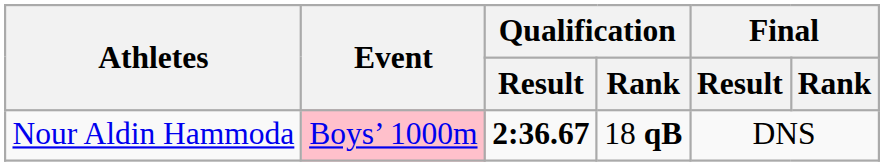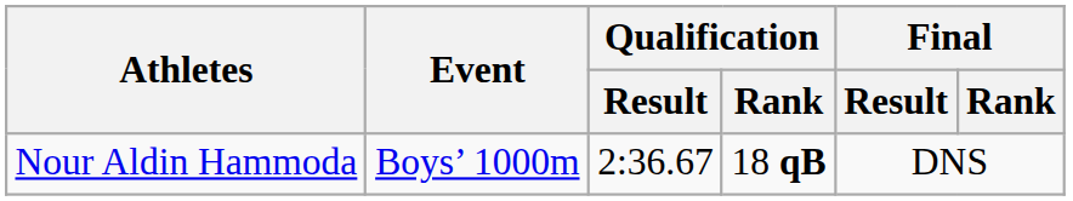 <table class="wikitable" border="1" style="font-size:90%">
 <tr>
 <th rowspan=2>Athletes</th>
 <th rowspan=2>Event</th>
 <th colspan=2>Qualification</th>
 <th colspan=2>Final</th>
 </tr>
 <tr>
 <th>Result</th>
 <th>Rank</th>
 <th>Result</th>
 <th>Rank</th>
 </tr>
 <tr>
 <td><a href='#'>Nour Aldin Hammoda</a></td>
-<td style="background: pink;"><a href='#'>Boys’ 1000m</a></td>
-<td align=center><strong>2:36.67</strong></td>
+<td><a href='#'>Boys’ 1000m</a></td>
+<td align=center>2:36.67</td>
 <td align=center>18 <strong>qB</strong></td>
 <td align=center colspan=2>DNS</td>
 </tr>
 </table>
